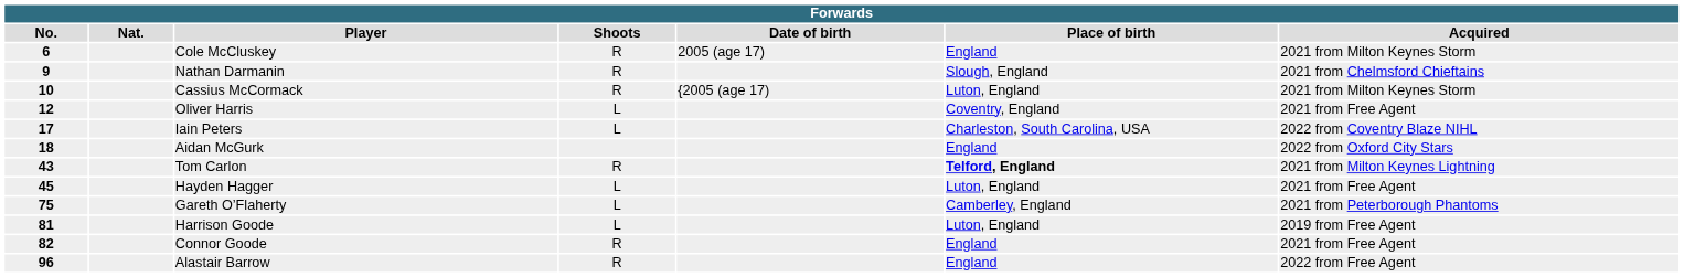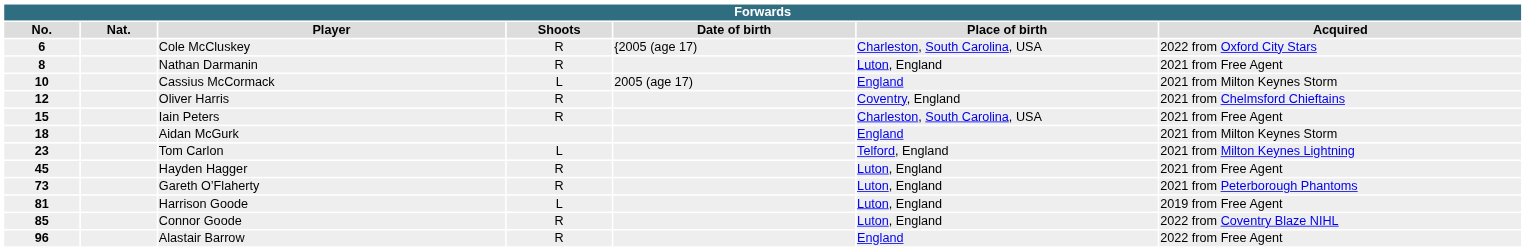 <table class="toccolours"  style="width:97%; clear:both; margin:1.5em auto; text-align:center;">
 <tr style="background:#ddd;">
 <th colspan="11" style="background:#2f6d81; color:white;”">Forwards</th>
 </tr>
 <tr style="background:#ddd;">
 <th width=5%>No.</th>
 <th width=5%>Nat.</th>
 <th !width=22%>Player</th>
 <th width=7%>Shoots</th>
 <th width=16%>Date of birth</th>
 <th width=20%>Place of birth</th>
 <th width=24%>Acquired</th>
 </tr>
 <tr style="background:#eee;">
 <td><strong>6</strong></td>
 <td></td>
 <td align=left>Cole McCluskey</td>
 <td>R</td>
-<td align=left>2005 (age 17)</td>
-<td align=left><a href='#'>England</a></td>
-<td align=left>2021 from Milton Keynes Storm</td>
+<td align=left>{2005 (age 17)</td>
+<td align=left><a href='#'>Charleston</a>, <a href='#'>South Carolina</a>, USA</td>
+<td align=left>2022 from <a href='#'>Oxford City Stars</a></td>
 </tr>
 <tr style="background:#eee;">
-<td><strong>9</strong></td>
+<td><strong>8</strong></td>
 <td></td>
 <td align=left>Nathan Darmanin</td>
 <td>R</td>
 <td align=left></td>
-<td align=left><a href='#'>Slough</a>, England</td>
-<td align=left>2021 from <a href='#'>Chelmsford Chieftains</a></td>
+<td align=left><a href='#'>Luton</a>, England</td>
+<td align=left>2021 from Free Agent</td>
 </tr>
 <tr style="background:#eee;">
 <td><strong>10</strong></td>
 <td></td>
 <td align=left>Cassius McCormack</td>
-<td>R</td>
-<td align=left>{2005 (age 17)</td>
-<td align=left><a href='#'>Luton</a>, England</td>
+<td>L</td>
+<td align=left>2005 (age 17)</td>
+<td align=left><a href='#'>England</a></td>
 <td align=left>2021 from Milton Keynes Storm</td>
 </tr>
 <tr style="background:#eee;”">
 <td><strong>12</strong></td>
 <td></td>
 <td align=left>Oliver Harris</td>
-<td>L</td>
+<td>R</td>
 <td align=left></td>
 <td align=left><a href='#'>Coventry</a>, England</td>
-<td align=left>2021 from Free Agent</td>
+<td align=left>2021 from <a href='#'>Chelmsford Chieftains</a></td>
 </tr>
 <tr style="background:#eee;">
-<td><strong>17</strong></td>
+<td><strong>15</strong></td>
 <td></td>
 <td align=left>Iain Peters</td>
-<td>L</td>
+<td>R</td>
 <td align=left></td>
 <td align=left><a href='#'>Charleston</a>, <a href='#'>South Carolina</a>, USA</td>
-<td align=left>2022 from <a href='#'>Coventry Blaze NIHL</a></td>
+<td align=left>2021 from Free Agent</td>
 </tr>
 <tr style="background:#eee;">
 <td><strong>18</strong></td>
 <td></td>
 <td align=left>Aidan McGurk</td>
 <td></td>
 <td align=left></td>
 <td align=left><a href='#'>England</a></td>
-<td align=left>2022 from <a href='#'>Oxford City Stars</a></td>
+<td align=left>2021 from Milton Keynes Storm</td>
 </tr>
 <tr style="background:#eee;">
-<td><strong>43</strong></td>
+<td><strong>23</strong></td>
 <td></td>
 <td align=left>Tom Carlon</td>
-<td>R</td>
+<td>L</td>
 <td align=left></td>
-<td align=left><strong><a href='#'>Telford</a>, England</strong></td>
+<td align=left><a href='#'>Telford</a>, England</td>
 <td align=left>2021 from <a href='#'>Milton Keynes Lightning</a></td>
 </tr>
 <tr style="background:#eee;">
 <td><strong>45</strong></td>
 <td></td>
 <td align=left>Hayden Hagger</td>
-<td>L</td>
+<td>R</td>
 <td align=left></td>
 <td align=left><a href='#'>Luton</a>, England</td>
 <td align=left>2021 from Free Agent</td>
 </tr>
 <tr style="background:#eee;">
-<td><strong>75</strong></td>
+<td><strong>73</strong></td>
 <td></td>
 <td align=left>Gareth O’Flaherty</td>
-<td>L</td>
+<td>R</td>
 <td align=left></td>
-<td align=left><a href='#'>Camberley</a>, England</td>
+<td align=left><a href='#'>Luton</a>, England</td>
 <td align=left>2021 from <a href='#'>Peterborough Phantoms</a></td>
 </tr>
 <tr style="background:#eee;">
 <td><strong>81</strong></td>
 <td></td>
 <td align=left>Harrison Goode</td>
 <td>L</td>
 <td align=left></td>
 <td align=left><a href='#'>Luton</a>, England</td>
 <td align=left>2019 from Free Agent</td>
 </tr>
 <tr style="background:#eee;">
-<td><strong>82</strong></td>
+<td><strong>85</strong></td>
 <td></td>
 <td align=left>Connor Goode</td>
 <td>R</td>
 <td align=left></td>
-<td align=left><a href='#'>England</a></td>
-<td align=left>2021 from Free Agent</td>
+<td align=left><a href='#'>Luton</a>, England</td>
+<td align=left>2022 from <a href='#'>Coventry Blaze NIHL</a></td>
 </tr>
 <tr style="background:#eee;">
 <td><strong>96</strong></td>
 <td></td>
 <td align=left>Alastair Barrow</td>
 <td>R</td>
 <td align=left></td>
 <td align=left><a href='#'>England</a></td>
 <td align=left>2022 from Free Agent</td>
 </tr>
 <tr style="background:#eee;">
 </tr>
 </table>
